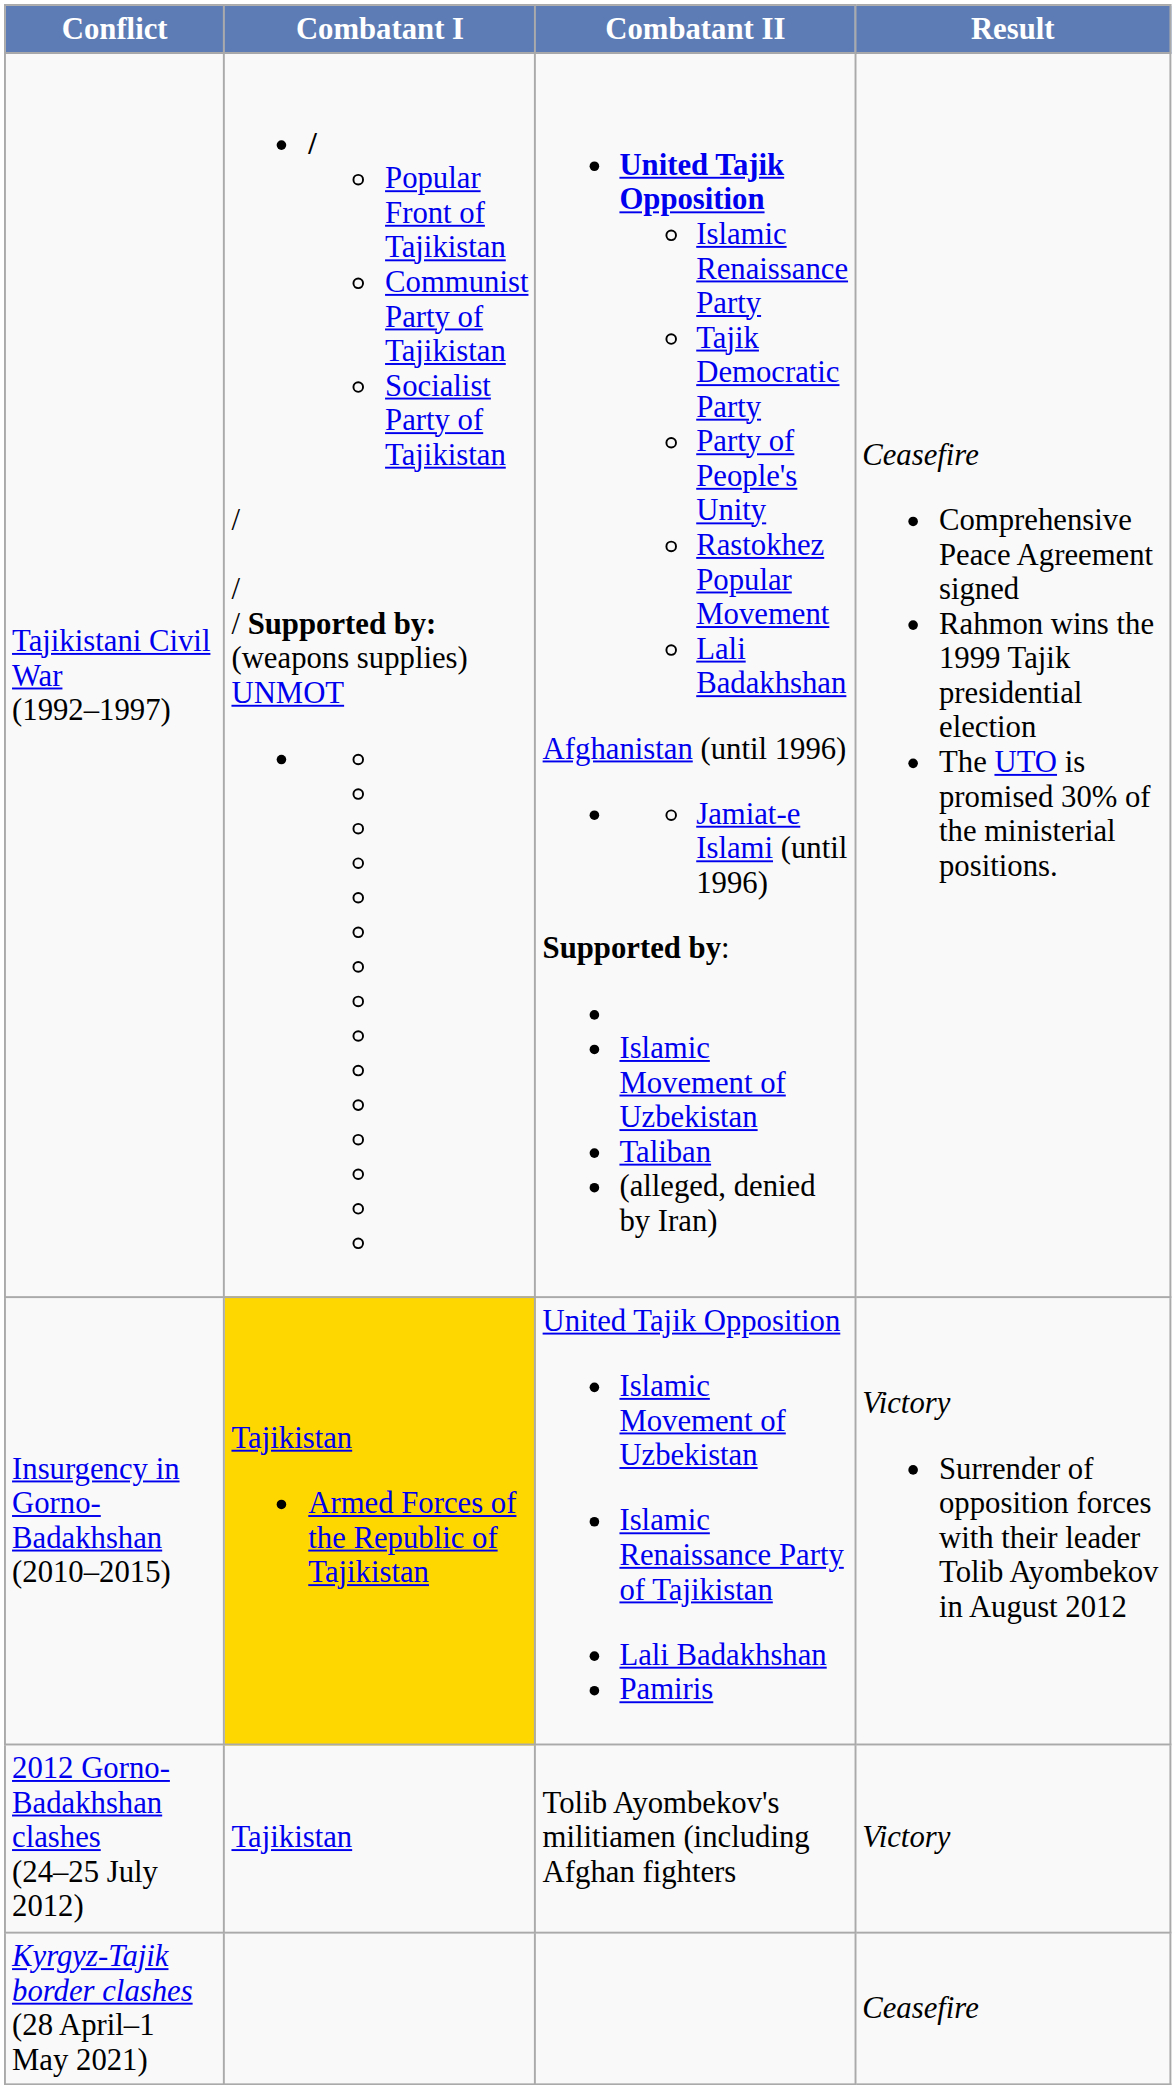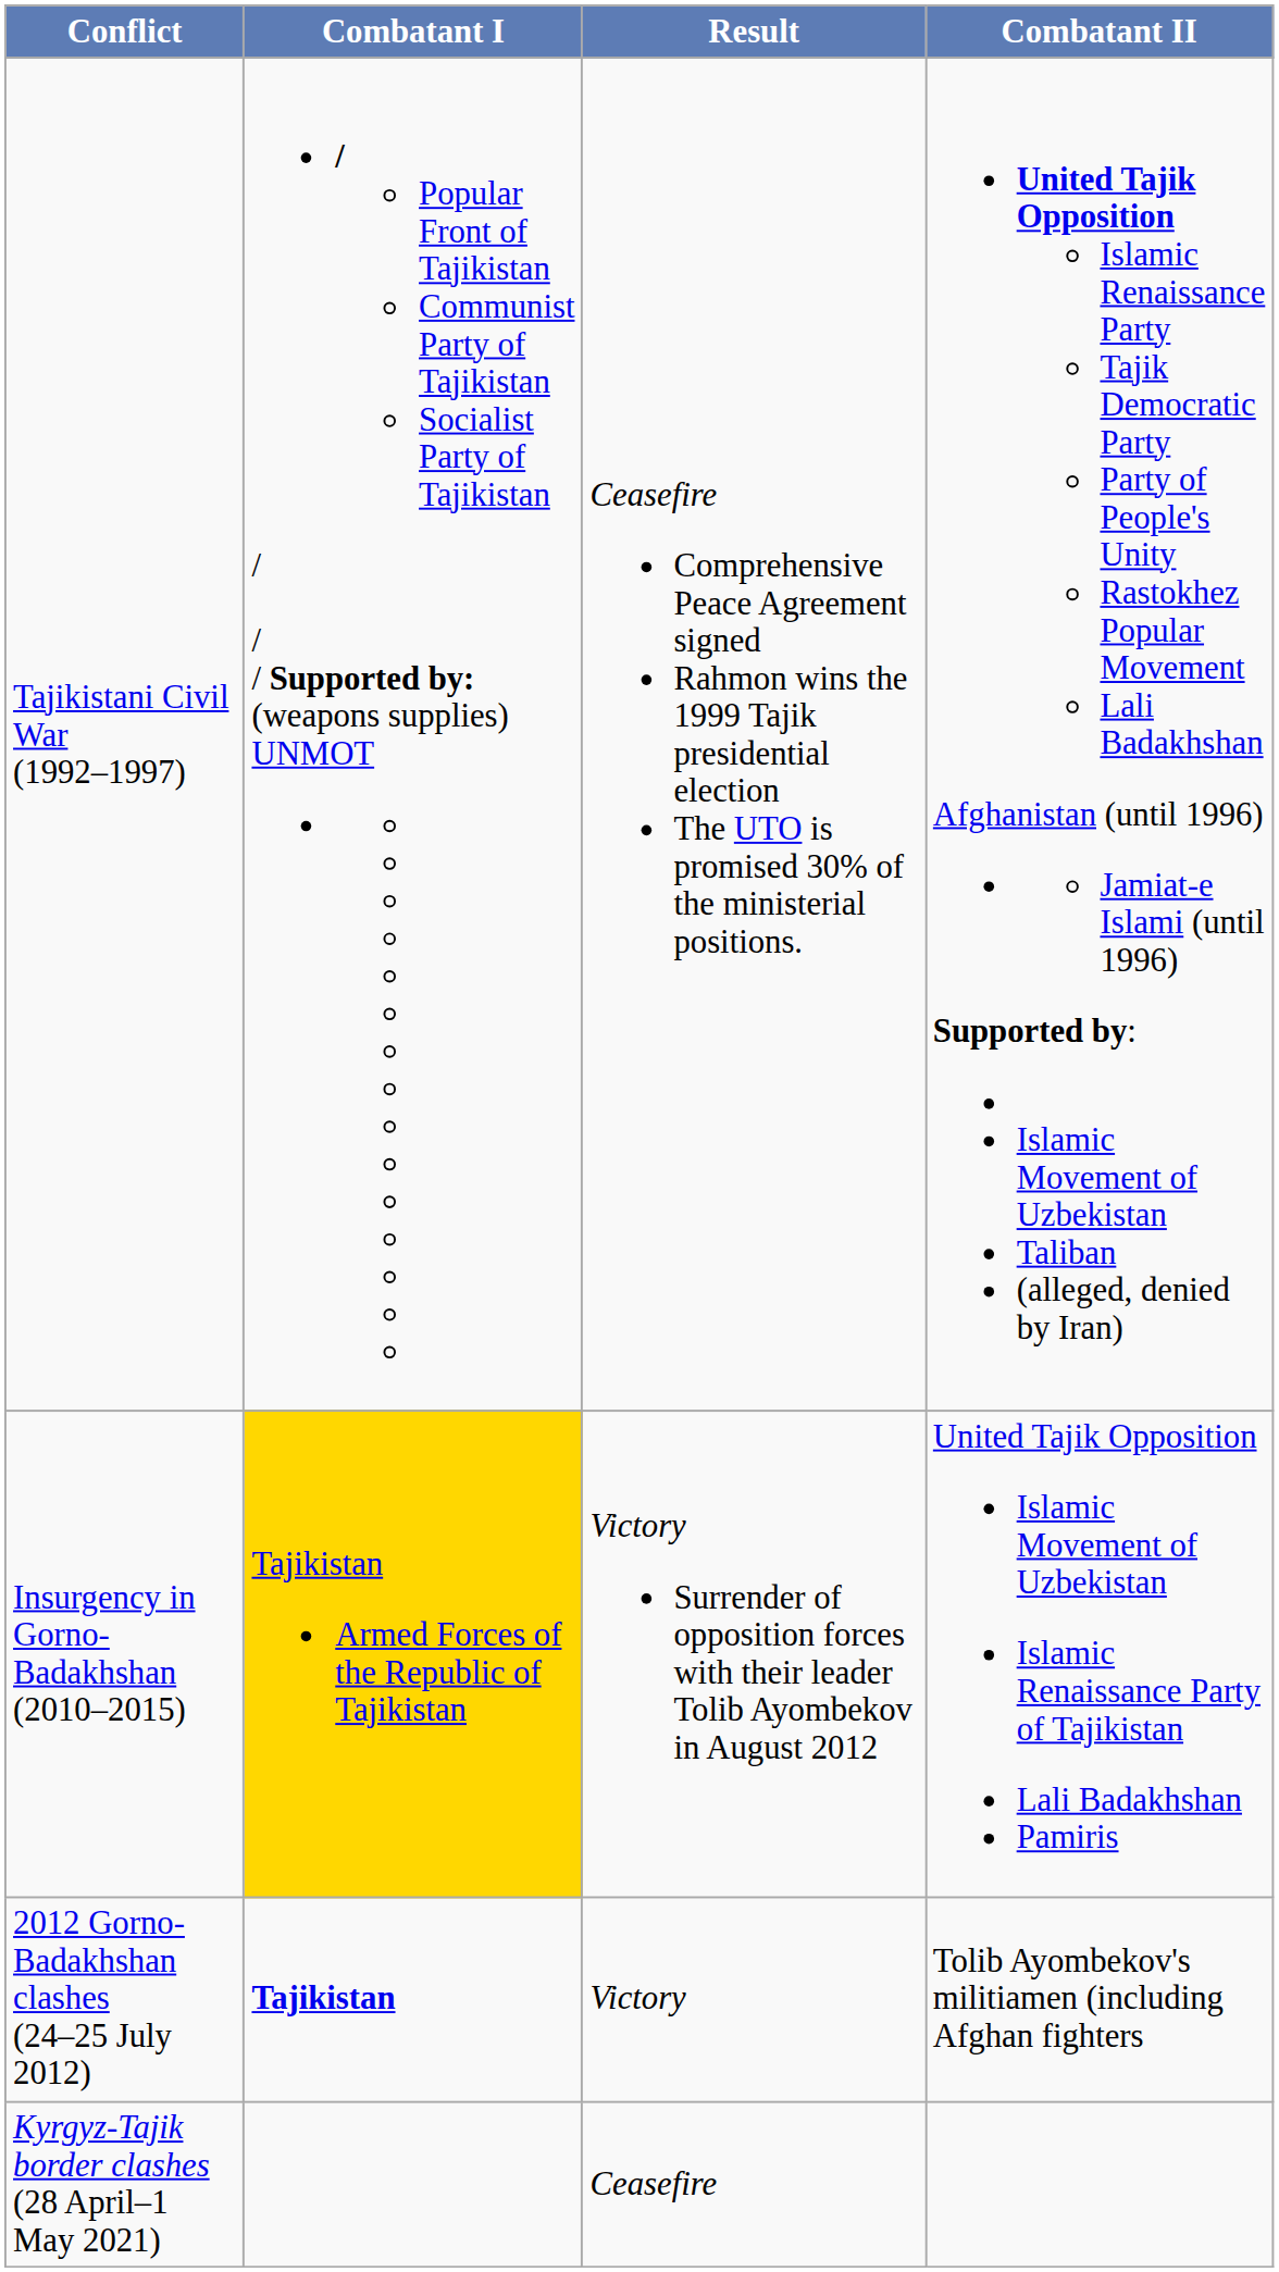 <table class="wikitable">
 <tr>
 <th style="background-color:#5D7CB5; color:white; " width="305">Conflict</th>
 <th style="background-color:#5D7CB5; color:white; " width="140">Combatant I</th>
+<th style="background-color:#5D7CB5; color:white; " width="270">Result</th>
 <th style="background-color:#5D7CB5; color:white; " width="140">Combatant II</th>
-<th style="background-color:#5D7CB5; color:white; " width="270">Result</th>
 </tr>
 <tr>
 <td><a href='#'>Tajikistani Civil War</a><br>(1992–1997)</td>
 <td><br><ul><li><strong>/</strong><ul><li><a href='#'>Popular Front of Tajikistan</a></li><li> <a href='#'>Communist Party of Tajikistan</a></li><li><a href='#'>Socialist Party of Tajikistan</a></li></ul></li></ul>/<br> <br> /<br> / <strong>Supported by:</strong><br> (weapons supplies)<br> <a href='#'>UNMOT</a><ul><li><ul><li></li><li></li><li></li><li></li><li></li><li></li><li></li><li></li><li></li><li></li><li></li><li></li><li></li><li></li><li></li></ul></li></ul></td>
+<td><em>Ceasefire</em><br><ul><li>Comprehensive Peace Agreement signed</li><li>Rahmon wins the 1999 Tajik presidential election</li><li>The <a href='#'>UTO</a> is promised 30% of the ministerial positions.</li></ul></td>
 <td><br><ul><li> <strong><a href='#'>United Tajik Opposition</a></strong><ul><li> <a href='#'>Islamic Renaissance Party</a></li><li> <a href='#'>Tajik Democratic Party</a></li><li><a href='#'>Party of People's Unity</a></li><li><a href='#'>Rastokhez Popular Movement</a></li><li> <a href='#'>Lali Badakhshan</a></li></ul></li></ul> <a href='#'>Afghanistan</a> (until 1996)<ul><li><ul><li> <a href='#'>Jamiat-e Islami</a> (until 1996)</li></ul></li></ul><strong>Supported by</strong>:<ul><li></li><li> <a href='#'>Islamic Movement of Uzbekistan</a></li><li> <a href='#'>Taliban</a></li><li> (alleged, denied by Iran)</li></ul></td>
-<td><em>Ceasefire</em><br><ul><li>Comprehensive Peace Agreement signed</li><li>Rahmon wins the 1999 Tajik presidential election</li><li>The <a href='#'>UTO</a> is promised 30% of the ministerial positions.</li></ul></td>
 </tr>
 <tr>
 <td><a href='#'>Insurgency in Gorno-Badakhshan</a><br>(2010–2015)</td>
 <td style="background: gold;"> <a href='#'>Tajikistan</a><br><ul><li><a href='#'>Armed Forces of the Republic of Tajikistan</a></li></ul></td>
+<td><em>Victory</em><br><ul><li>Surrender of opposition forces with their leader Tolib Ayombekov in August 2012</li></ul></td>
 <td> <a href='#'>United Tajik Opposition</a><br><ul><li> <a href='#'>Islamic Movement of Uzbekistan</a></li></ul><ul><li> <a href='#'>Islamic Renaissance Party of Tajikistan</a></li></ul><ul><li> <a href='#'>Lali Badakhshan</a></li><li> <a href='#'>Pamiris</a></li></ul></td>
-<td><em>Victory</em><br><ul><li>Surrender of opposition forces with their leader Tolib Ayombekov in August 2012</li></ul></td>
 </tr>
 <tr>
 <td><a href='#'>2012 Gorno-Badakhshan clashes</a><br>(24–25 July 2012)</td>
-<td> <a href='#'>Tajikistan</a></td>
+<td><strong> <a href='#'>Tajikistan</a></strong></td>
+<td><em>Victory</em></td>
 <td>Tolib Ayombekov's militiamen (including Afghan fighters</td>
-<td><em>Victory</em></td>
 </tr>
 <tr>
 <td><em><a href='#'>Kyrgyz-Tajik border clashes</a></em><br>(28 April–1 May 2021)</td>
 <td></td>
+<td><em>Ceasefire</em></td>
 <td></td>
-<td><em>Ceasefire</em></td>
 </tr>
 </table>
